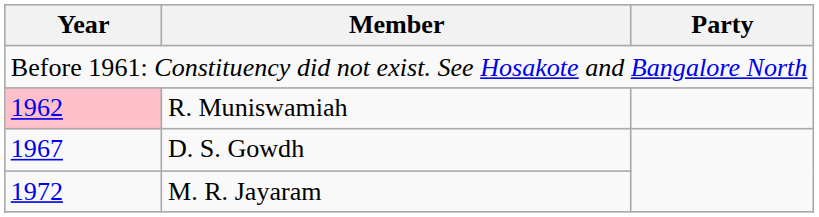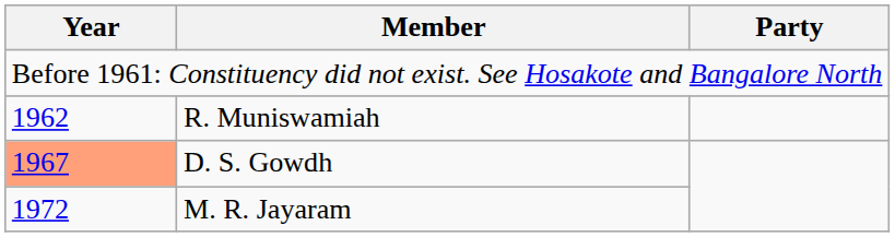 <table class="wikitable sortable">
 <tr>
 <th>Year</th>
 <th>Member</th>
 <th colspan=2>Party</th>
 </tr>
 <tr>
 <td colspan=4>Before 1961: <em>Constituency did not exist. See <a href='#'>Hosakote</a> and <a href='#'>Bangalore North</a></em></td>
 </tr>
 <tr>
-<td style="background: pink;"><a href='#'>1962</a></td>
+<td><a href='#'>1962</a></td>
 <td>R. Muniswamiah</td>
 <td></td>
 </tr>
 <tr>
-<td><a href='#'>1967</a></td>
+<td style="background: lightsalmon;"><a href='#'>1967</a></td>
 <td>D. S. Gowdh</td>
 </tr>
 <tr>
 <td><a href='#'>1972</a></td>
 <td>M. R. Jayaram</td>
 </tr>
 </table>
